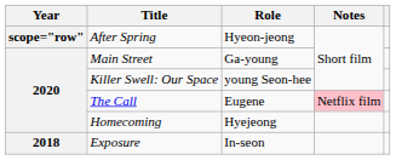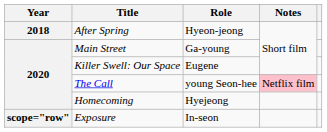 <table class="wikitable plainrowheaders sortable">
 <tr>
 <th scope="col">Year</th>
 <th scope="col">Title</th>
 <th scope="col">Role</th>
 <th scope="col">Notes</th>
 <th scope="col" class="unsortable"></th>
 </tr>
 <tr>
-<th>scope="row" </th>
+<th scope="row">2018</th>
 <td><em>After Spring</em></td>
 <td>Hyeon-jeong</td>
 <td rowspan="3">Short film</td>
 <td style="text-align:center"></td>
 </tr>
 <tr>
 <th scope="row" rowspan="4">2020</th>
 <td><em>Main Street</em></td>
 <td>Ga-young</td>
 <td style="text-align:center"></td>
 </tr>
 <tr>
 <td><em>Killer Swell: Our Space</em></td>
-<td>young Seon-hee</td>
+<td>Eugene</td>
 <td style="text-align:center"></td>
 </tr>
 <tr>
 <td><em><a href='#'>The Call</a></em></td>
-<td>Eugene</td>
+<td>young Seon-hee</td>
 <td style="background: pink;">Netflix film</td>
 <td style="text-align:center"></td>
 </tr>
 <tr>
 <td><em>Homecoming</em></td>
 <td>Hyejeong</td>
 <td></td>
 <td style="text-align:center"></td>
 </tr>
 <tr>
-<th scope="row">2018</th>
+<th>scope="row" </th>
 <td><em>Exposure</em></td>
 <td>In-seon</td>
 <td></td>
 <td style="text-align:center"></td>
 </tr>
 </table>
